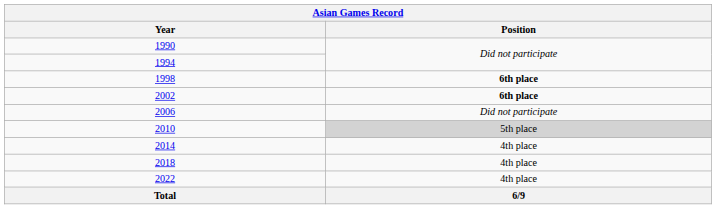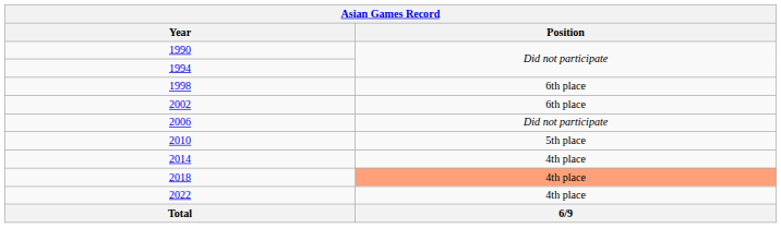 <table class="wikitable" width=80% style="text-align: center;font-size:90%;">
 <tr>
 <th colspan=9><a href='#'>Asian Games Record</a></th>
 </tr>
 <tr>
 <th width=25%>Year</th>
 <th width=30%>Position</th>
 </tr>
 <tr>
 <td> <a href='#'>1990</a></td>
 <td rowspan=2><em>Did not participate</em></td>
 </tr>
 <tr>
 <td> <a href='#'>1994</a></td>
 </tr>
 <tr>
 <td> <a href='#'>1998</a></td>
-<td><strong>6th place</strong></td>
+<td>6th place</td>
 </tr>
 <tr>
 <td> <a href='#'>2002</a></td>
-<td><strong>6th place</strong></td>
+<td>6th place</td>
 </tr>
 <tr>
 <td> <a href='#'>2006</a></td>
 <td colspan=4><em>Did not participate</em></td>
 </tr>
 <tr>
 <td> <a href='#'>2010</a></td>
-<td style="background: lightgrey;">5th place</td>
+<td>5th place</td>
 </tr>
 <tr>
 <td> <a href='#'>2014</a></td>
 <td>4th place</td>
 </tr>
 <tr>
 <td> <a href='#'>2018</a></td>
-<td>4th place</td>
+<td style="background: lightsalmon;">4th place</td>
 </tr>
 <tr>
 <td> <a href='#'>2022</a></td>
 <td>4th place</td>
 </tr>
 <tr>
 <th><strong>Total</strong></th>
 <th>6/9</th>
 </tr>
 </table>
